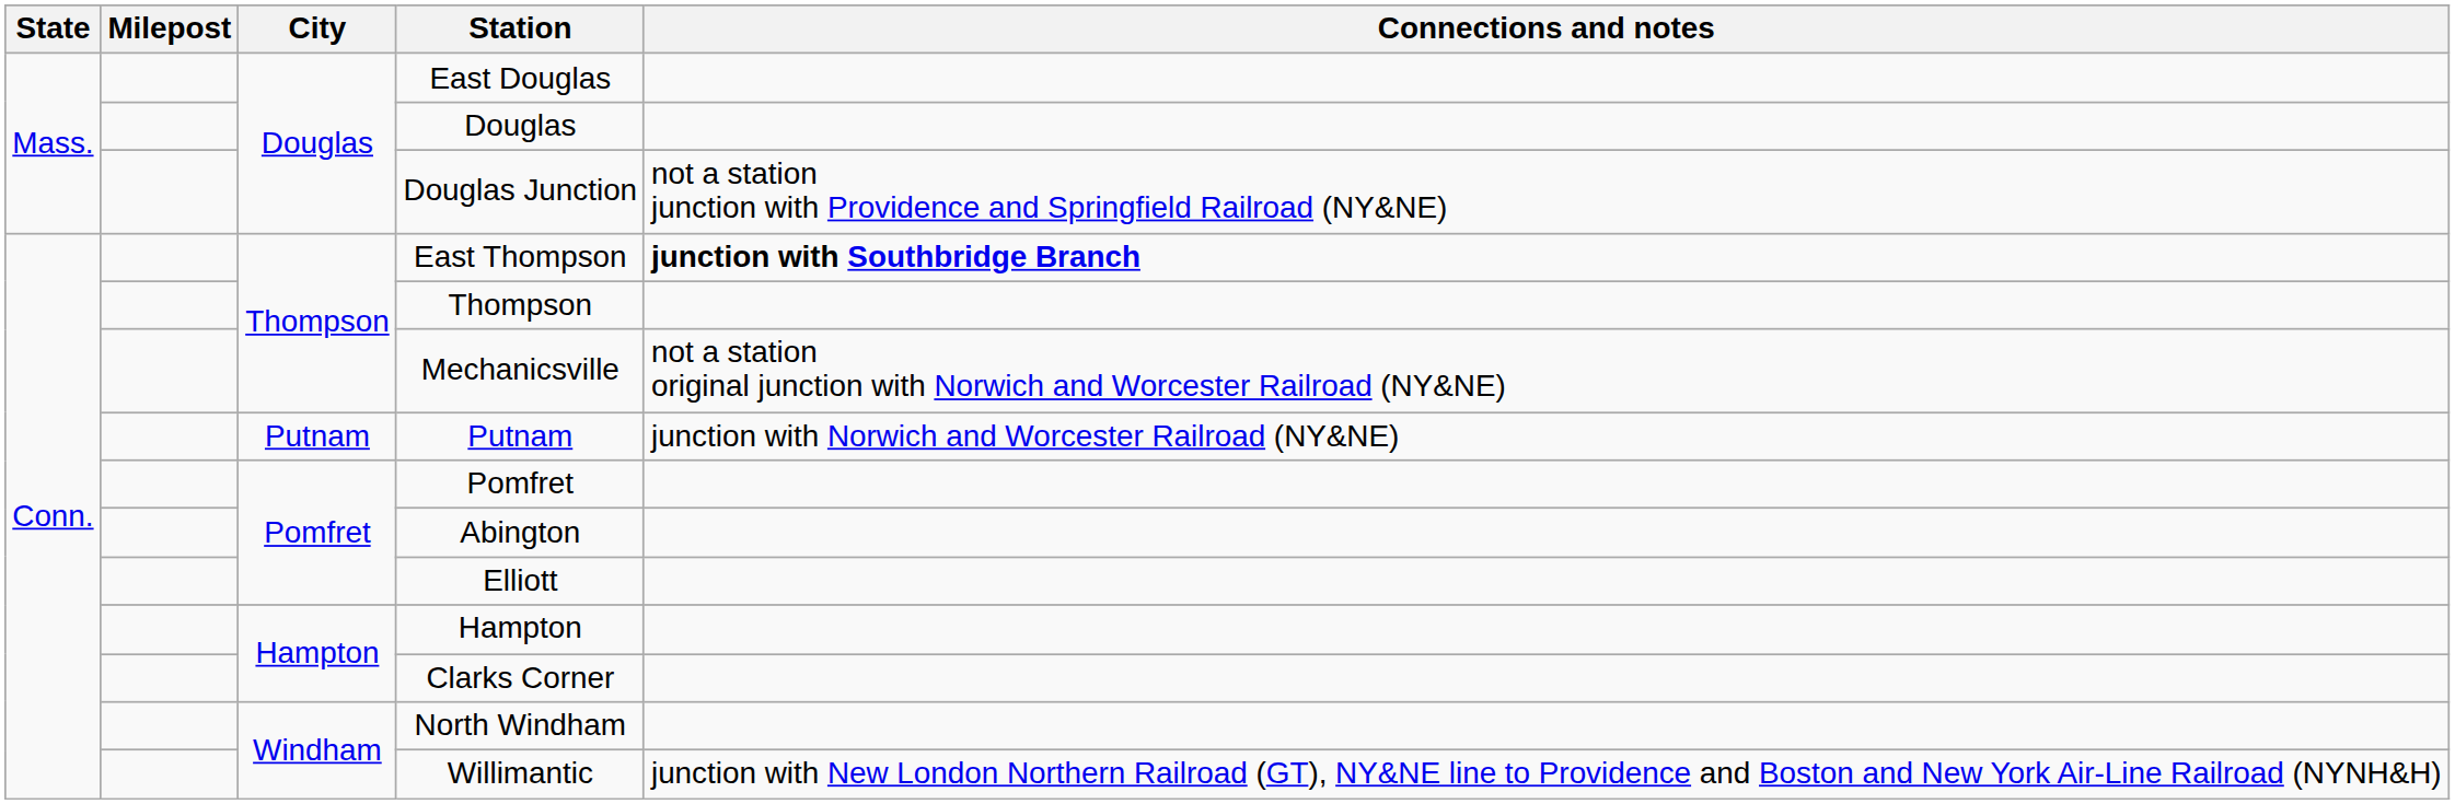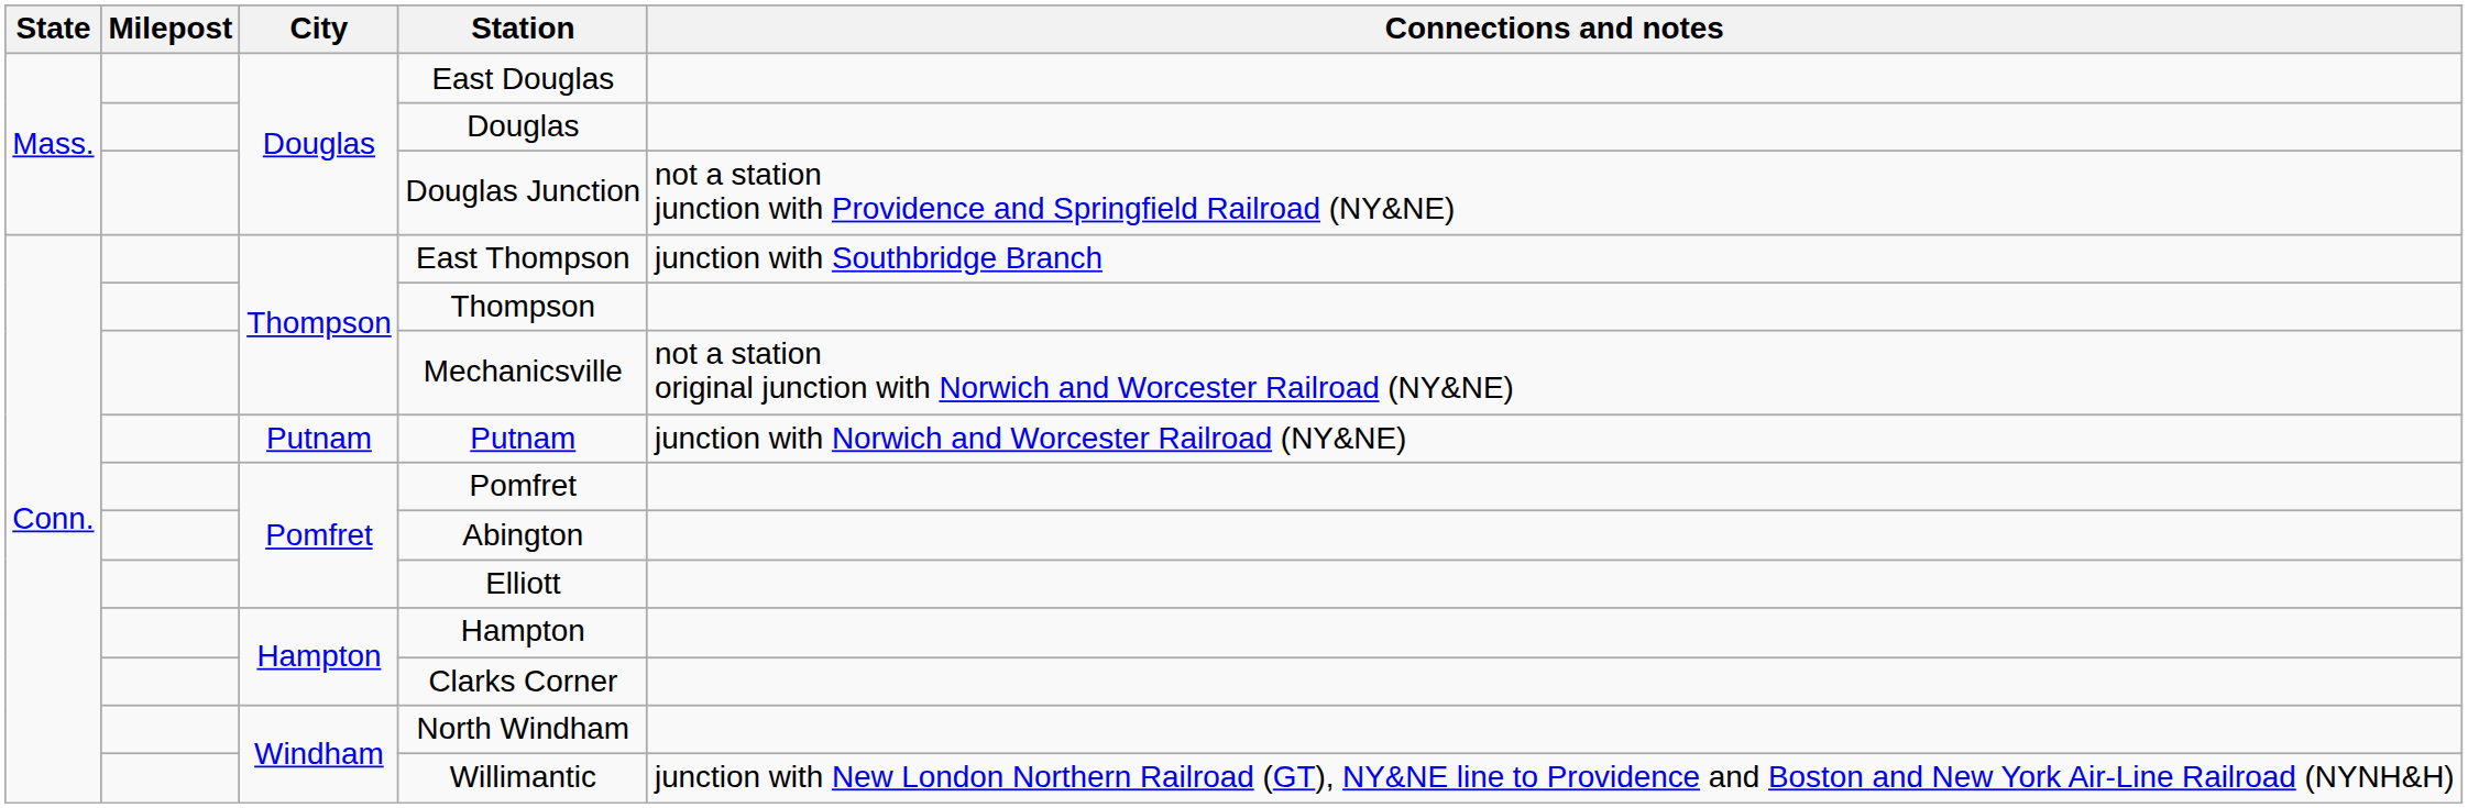 <table class="wikitable" style="text-align:center;">
 <tr>
 <th>State</th>
 <th>Milepost</th>
 <th>City</th>
 <th>Station</th>
 <th>Connections and notes</th>
 </tr>
 <tr>
 <td rowspan=3><a href='#'>Mass.</a></td>
 <td></td>
 <td rowspan=3><a href='#'>Douglas</a></td>
 <td>East Douglas</td>
 <td></td>
 </tr>
 <tr>
 <td></td>
 <td>Douglas</td>
 </tr>
 <tr>
 <td></td>
 <td>Douglas Junction</td>
 <td style=text-align:left>not a station<br>junction with <a href='#'>Providence and Springfield Railroad</a> (NY&NE)</td>
 </tr>
 <tr>
 <td rowspan=11><a href='#'>Conn.</a></td>
 <td></td>
 <td rowspan=3><a href='#'>Thompson</a></td>
 <td>East Thompson</td>
-<td style=text-align:left><strong>junction with <a href='#'>Southbridge Branch</a></strong></td>
+<td style=text-align:left>junction with <a href='#'>Southbridge Branch</a></td>
 </tr>
 <tr>
 <td></td>
 <td>Thompson</td>
 </tr>
 <tr>
 <td></td>
 <td>Mechanicsville</td>
 <td style=text-align:left>not a station<br>original junction with <a href='#'>Norwich and Worcester Railroad</a> (NY&NE)</td>
 </tr>
 <tr>
 <td></td>
 <td><a href='#'>Putnam</a></td>
 <td><a href='#'>Putnam</a></td>
 <td style=text-align:left>junction with <a href='#'>Norwich and Worcester Railroad</a> (NY&NE)</td>
 </tr>
 <tr>
 <td></td>
 <td rowspan=3><a href='#'>Pomfret</a></td>
 <td>Pomfret</td>
 <td></td>
 </tr>
 <tr>
 <td></td>
 <td>Abington</td>
 <td></td>
 </tr>
 <tr>
 <td></td>
 <td>Elliott</td>
 <td></td>
 </tr>
 <tr>
 <td></td>
 <td rowspan=2><a href='#'>Hampton</a></td>
 <td>Hampton</td>
 <td></td>
 </tr>
 <tr>
 <td></td>
 <td>Clarks Corner</td>
 </tr>
 <tr>
 <td></td>
 <td rowspan=2><a href='#'>Windham</a></td>
 <td>North Windham</td>
 <td></td>
 </tr>
 <tr>
 <td></td>
 <td>Willimantic</td>
 <td style=text-align:left>junction with <a href='#'>New London Northern Railroad</a> (<a href='#'>GT</a>), <a href='#'>NY&NE line to Providence</a> and <a href='#'>Boston and New York Air-Line Railroad</a> (NYNH&H)</td>
 </tr>
 </table>
